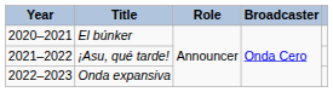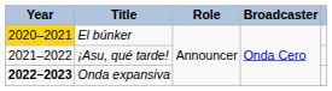 <table class="wikitable">
 <tr>
 <th style="background:#B0C4DE;">Year</th>
 <th style="background:#B0C4DE;">Title</th>
 <th style="background:#B0C4DE;">Role</th>
 <th style="background:#B0C4DE;">Broadcaster</th>
 <th style="background:#B0C4DE;"></th>
 </tr>
 <tr>
-<td>2020–2021</td>
+<td style="background: gold;">2020–2021</td>
 <td><em>El búnker</em></td>
 <td rowspan="3">Announcer</td>
 <td rowspan="3"><a href='#'>Onda Cero</a></td>
 <td></td>
 </tr>
 <tr>
 <td>2021–2022</td>
 <td><em>¡Asu, qué tarde!</em></td>
 <td></td>
 </tr>
 <tr>
-<td>2022–2023</td>
+<td><strong>2022–2023</strong></td>
 <td><em>Onda expansiva</em></td>
 <td></td>
 </tr>
 </table>
